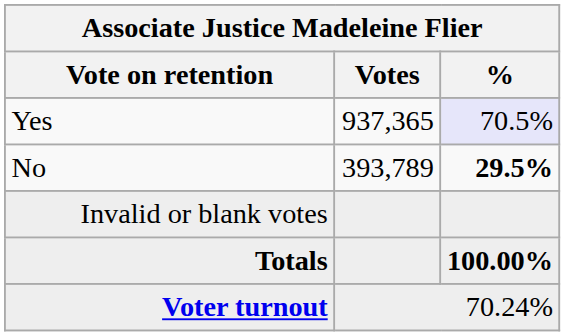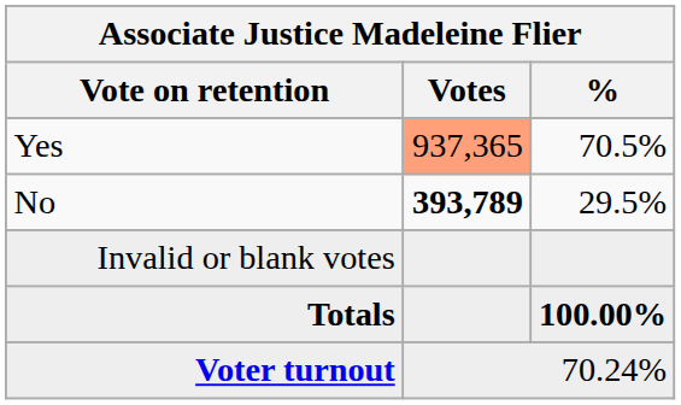 <table class="wikitable" style="font-size: 95%;">
 <tr style="background-color:#E9E9E9">
 <th colspan=7>Associate Justice Madeleine Flier</th>
 </tr>
 <tr style="background-color:#E9E9E9">
 <th style="width: 170px">Vote on retention</th>
 <th style="width: 50px">Votes</th>
 <th style="width: 40px">%</th>
 </tr>
 <tr>
 <td>Yes</td>
-<td align="right">937,365</td>
-<td align="right" style="background: lavender;">70.5%</td>
+<td align="right" style="background: lightsalmon;">937,365</td>
+<td align="right">70.5%</td>
 </tr>
 <tr>
 <td>No</td>
-<td align="right">393,789</td>
-<td align="right"><strong>29.5%</strong></td>
+<td align="right"><strong>393,789</strong></td>
+<td align="right">29.5%</td>
 </tr>
 <tr bgcolor="#EEEEEE">
 <td align="right">Invalid or blank votes</td>
 <td align="right"></td>
 <td align="right"></td>
 </tr>
 <tr bgcolor="#EEEEEE">
 <td align="right"><strong>Totals</strong></td>
 <td align="right"><strong></strong></td>
 <td align="right"><strong>100.00%</strong></td>
 </tr>
 <tr bgcolor="#EEEEEE">
 <td align="right"><strong><a href='#'>Voter turnout</a></strong></td>
 <td colspan="2" align="right">70.24%</td>
 </tr>
 </table>
